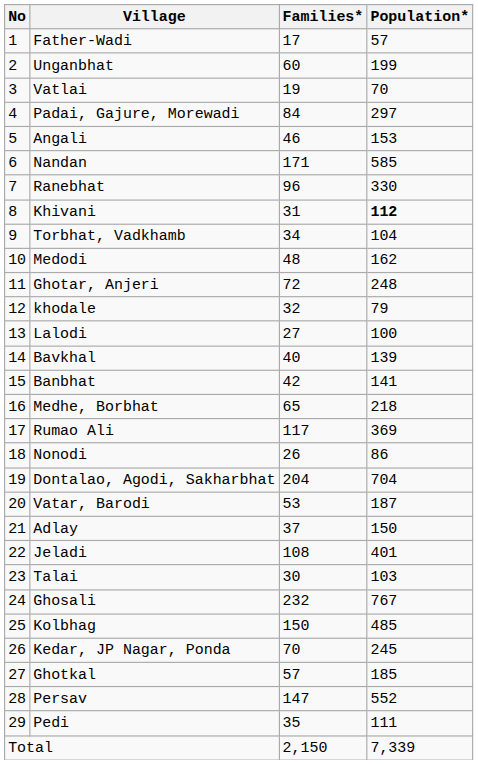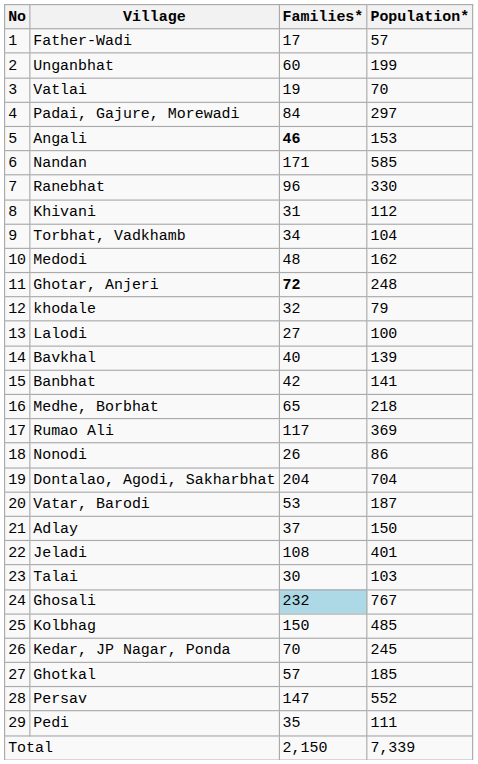 <table class="wikitable">
 <tr>
 <th>No</th>
 <th>Village</th>
 <th>Families*</th>
 <th>Population*</th>
 </tr>
 <tr>
 <td>1</td>
 <td>Father-Wadi</td>
 <td>17</td>
 <td>57</td>
 </tr>
 <tr>
 <td>2</td>
 <td>Unganbhat</td>
 <td>60</td>
 <td>199</td>
 </tr>
 <tr>
 <td>3</td>
 <td>Vatlai</td>
 <td>19</td>
 <td>70</td>
 </tr>
 <tr>
 <td>4</td>
 <td>Padai, Gajure, Morewadi</td>
 <td>84</td>
 <td>297</td>
 </tr>
 <tr>
 <td>5</td>
 <td>Angali</td>
-<td>46</td>
+<td><strong>46</strong></td>
 <td>153</td>
 </tr>
 <tr>
 <td>6</td>
 <td>Nandan</td>
 <td>171</td>
 <td>585</td>
 </tr>
 <tr>
 <td>7</td>
 <td>Ranebhat</td>
 <td>96</td>
 <td>330</td>
 </tr>
 <tr>
 <td>8</td>
 <td>Khivani</td>
 <td>31</td>
-<td><strong>112</strong></td>
+<td>112</td>
 </tr>
 <tr>
 <td>9</td>
 <td>Torbhat, Vadkhamb</td>
 <td>34</td>
 <td>104</td>
 </tr>
 <tr>
 <td>10</td>
 <td>Medodi</td>
 <td>48</td>
 <td>162</td>
 </tr>
 <tr>
 <td>11</td>
 <td>Ghotar, Anjeri</td>
-<td>72</td>
+<td><strong>72</strong></td>
 <td>248</td>
 </tr>
 <tr>
 <td>12</td>
 <td>khodale</td>
 <td>32</td>
 <td>79</td>
 </tr>
 <tr>
 <td>13</td>
 <td>Lalodi</td>
 <td>27</td>
 <td>100</td>
 </tr>
 <tr>
 <td>14</td>
 <td>Bavkhal</td>
 <td>40</td>
 <td>139</td>
 </tr>
 <tr>
 <td>15</td>
 <td>Banbhat</td>
 <td>42</td>
 <td>141</td>
 </tr>
 <tr>
 <td>16</td>
 <td>Medhe, Borbhat</td>
 <td>65</td>
 <td>218</td>
 </tr>
 <tr>
 <td>17</td>
 <td>Rumao Ali</td>
 <td>117</td>
 <td>369</td>
 </tr>
 <tr>
 <td>18</td>
 <td>Nonodi</td>
 <td>26</td>
 <td>86</td>
 </tr>
 <tr>
 <td>19</td>
 <td>Dontalao, Agodi, Sakharbhat</td>
 <td>204</td>
 <td>704</td>
 </tr>
 <tr>
 <td>20</td>
 <td>Vatar, Barodi</td>
 <td>53</td>
 <td>187</td>
 </tr>
 <tr>
 <td>21</td>
 <td>Adlay</td>
 <td>37</td>
 <td>150</td>
 </tr>
 <tr>
 <td>22</td>
 <td>Jeladi</td>
 <td>108</td>
 <td>401</td>
 </tr>
 <tr>
 <td>23</td>
 <td>Talai</td>
 <td>30</td>
 <td>103</td>
 </tr>
 <tr>
 <td>24</td>
 <td>Ghosali</td>
-<td>232</td>
+<td style="background: lightblue;">232</td>
 <td>767</td>
 </tr>
 <tr>
 <td>25</td>
 <td>Kolbhag</td>
 <td>150</td>
 <td>485</td>
 </tr>
 <tr>
 <td>26</td>
 <td>Kedar, JP Nagar, Ponda</td>
 <td>70</td>
 <td>245</td>
 </tr>
 <tr>
 <td>27</td>
 <td>Ghotkal</td>
 <td>57</td>
 <td>185</td>
 </tr>
 <tr>
 <td>28</td>
 <td>Persav</td>
 <td>147</td>
 <td>552</td>
 </tr>
 <tr>
 <td>29</td>
 <td>Pedi</td>
 <td>35</td>
 <td>111</td>
 </tr>
 <tr>
 <td colspan="2">Total</td>
 <td>2,150</td>
 <td>7,339</td>
 </tr>
 </table>
